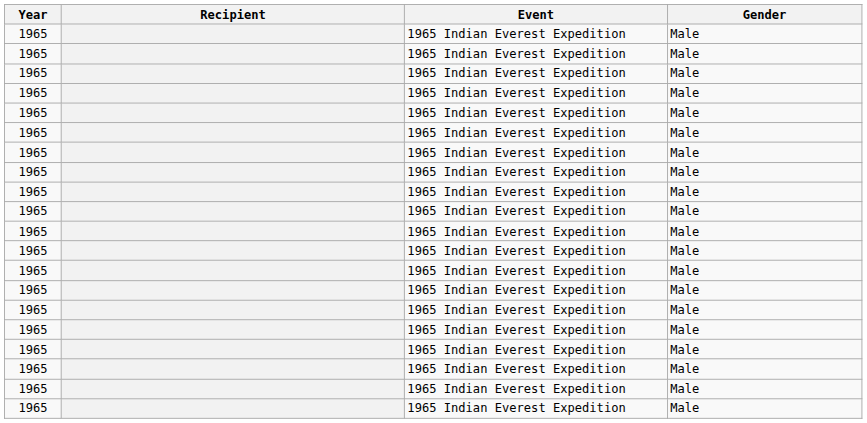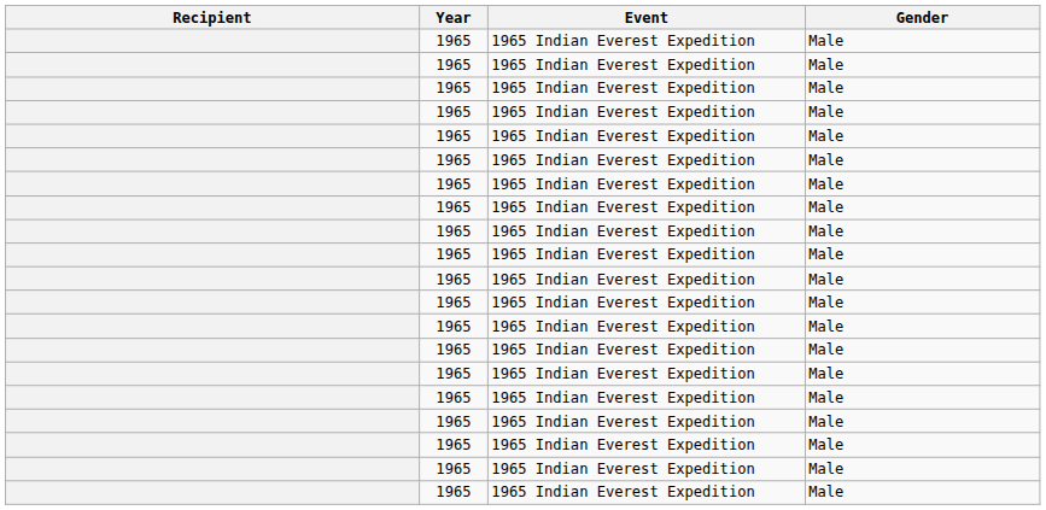 <table class="wikitable plainrowheaders sortable" style="width:73%">
 <tr>
+<th scope="col" style="width:30%">Recipient</th>
 <th scope="col" style="width:5%">Year</th>
-<th scope="col" style="width:30%">Recipient</th>
 <th scope="col" style="width:23%">Event</th>
 <th scope="col" style="width:17%">Gender</th>
 </tr>
 <tr>
+<th scope="row"></th>
 <td style="text-align:center;">1965</td>
-<th scope="row"></th>
 <td>1965 Indian Everest Expedition</td>
 <td>Male</td>
 </tr>
 <tr>
+<th scope="row"></th>
 <td style="text-align:center;">1965</td>
-<th scope="row"></th>
 <td>1965 Indian Everest Expedition</td>
 <td>Male</td>
 </tr>
 <tr>
+<th scope="row"></th>
 <td style="text-align:center;">1965</td>
-<th scope="row"></th>
 <td>1965 Indian Everest Expedition</td>
 <td>Male</td>
 </tr>
 <tr>
+<th scope="row"></th>
 <td style="text-align:center;">1965</td>
-<th scope="row"></th>
 <td>1965 Indian Everest Expedition</td>
 <td>Male</td>
 </tr>
 <tr>
+<th scope="row"></th>
 <td style="text-align:center;">1965</td>
-<th scope="row"></th>
 <td>1965 Indian Everest Expedition</td>
 <td>Male</td>
 </tr>
 <tr>
+<th scope="row"></th>
 <td style="text-align:center;">1965</td>
-<th scope="row"></th>
 <td>1965 Indian Everest Expedition</td>
 <td>Male</td>
 </tr>
 <tr>
+<th scope="row"></th>
 <td style="text-align:center;">1965</td>
-<th scope="row"></th>
 <td>1965 Indian Everest Expedition</td>
 <td>Male</td>
 </tr>
 <tr>
+<th scope="row"></th>
 <td style="text-align:center;">1965</td>
-<th scope="row"></th>
 <td>1965 Indian Everest Expedition</td>
 <td>Male</td>
 </tr>
 <tr>
+<th scope="row"></th>
 <td style="text-align:center;">1965</td>
-<th scope="row"></th>
 <td>1965 Indian Everest Expedition</td>
 <td>Male</td>
 </tr>
 <tr>
+<th scope="row"></th>
 <td style="text-align:center;">1965</td>
-<th scope="row"></th>
 <td>1965 Indian Everest Expedition</td>
 <td>Male</td>
 </tr>
 <tr>
+<th scope="row"></th>
 <td style="text-align:center;">1965</td>
-<th scope="row"></th>
 <td>1965 Indian Everest Expedition</td>
 <td>Male</td>
 </tr>
 <tr>
+<th scope="row"></th>
 <td style="text-align:center;">1965</td>
-<th scope="row"></th>
 <td>1965 Indian Everest Expedition</td>
 <td>Male</td>
 </tr>
 <tr>
+<th scope="row"></th>
 <td style="text-align:center;">1965</td>
-<th scope="row"></th>
 <td>1965 Indian Everest Expedition</td>
 <td>Male</td>
 </tr>
 <tr>
+<th scope="row"></th>
 <td style="text-align:center;">1965</td>
-<th scope="row"></th>
 <td>1965 Indian Everest Expedition</td>
 <td>Male</td>
 </tr>
 <tr>
+<th scope="row"></th>
 <td style="text-align:center;">1965</td>
-<th scope="row"></th>
 <td>1965 Indian Everest Expedition</td>
 <td>Male</td>
 </tr>
 <tr>
+<th scope="row"></th>
 <td style="text-align:center;">1965</td>
-<th scope="row"></th>
 <td>1965 Indian Everest Expedition</td>
 <td>Male</td>
 </tr>
 <tr>
+<th scope="row"></th>
 <td style="text-align:center;">1965</td>
-<th scope="row"></th>
 <td>1965 Indian Everest Expedition</td>
 <td>Male</td>
 </tr>
 <tr>
+<th scope="row"></th>
 <td style="text-align:center;">1965</td>
-<th scope="row"></th>
 <td>1965 Indian Everest Expedition</td>
 <td>Male</td>
 </tr>
 <tr>
+<th scope="row"></th>
 <td style="text-align:center;">1965</td>
-<th scope="row"></th>
 <td>1965 Indian Everest Expedition</td>
 <td>Male</td>
 </tr>
 <tr>
+<th scope="row"></th>
 <td style="text-align:center;">1965</td>
-<th scope="row"></th>
 <td>1965 Indian Everest Expedition</td>
 <td>Male</td>
 </tr>
 </table>
